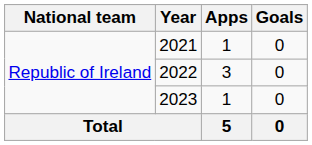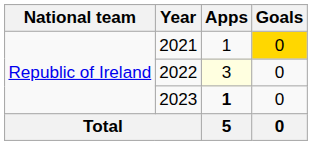 <table class="wikitable" style="text-align:center">
 <tr>
 <th>National team</th>
 <th>Year</th>
 <th>Apps</th>
 <th>Goals</th>
 </tr>
 <tr>
 <td rowspan=3><a href='#'>Republic of Ireland</a></td>
 <td>2021</td>
 <td>1</td>
-<td>0</td>
+<td style="background: gold;">0</td>
 </tr>
 <tr>
 <td>2022</td>
-<td>3</td>
+<td style="background: lightyellow;">3</td>
 <td>0</td>
 </tr>
 <tr>
 <td>2023</td>
-<td>1</td>
+<td><strong>1</strong></td>
 <td>0</td>
 </tr>
 <tr>
 <th colspan="2">Total</th>
 <th>5</th>
 <th>0</th>
 </tr>
 </table>
